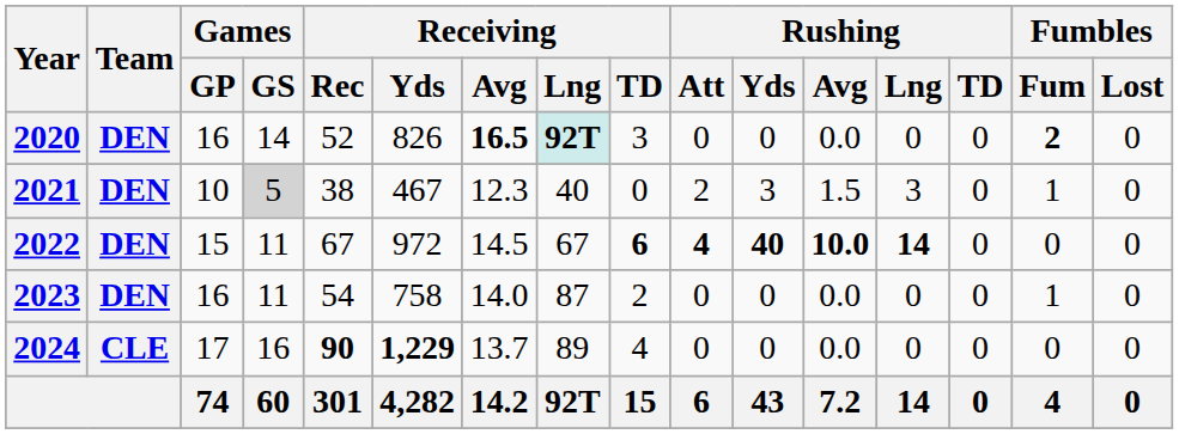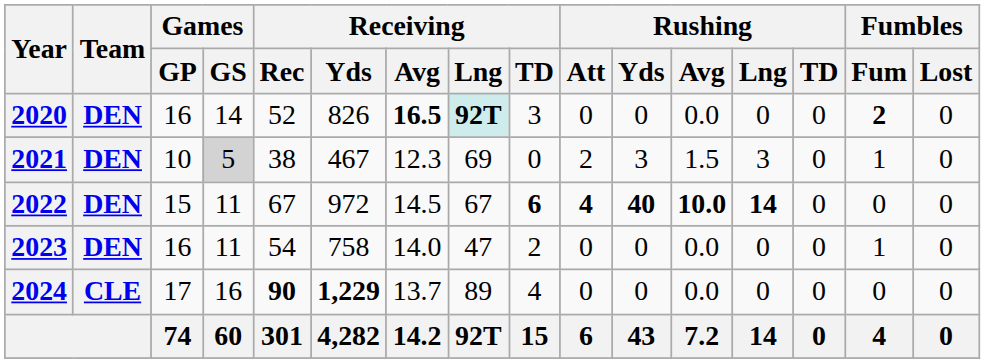 <table class="wikitable" style="text-align:center;">
 <tr>
 <th rowspan="2">Year</th>
 <th rowspan="2">Team</th>
 <th colspan="2">Games</th>
 <th colspan="5">Receiving</th>
 <th colspan="5">Rushing</th>
 <th colspan="2">Fumbles</th>
 </tr>
 <tr>
 <th>GP</th>
 <th>GS</th>
 <th>Rec</th>
 <th>Yds</th>
 <th>Avg</th>
 <th>Lng</th>
 <th>TD</th>
 <th>Att</th>
 <th>Yds</th>
 <th>Avg</th>
 <th>Lng</th>
 <th>TD</th>
 <th>Fum</th>
 <th>Lost</th>
 </tr>
 <tr>
 <th><a href='#'>2020</a></th>
 <th><a href='#'>DEN</a></th>
 <td>16</td>
 <td>14</td>
 <td>52</td>
 <td>826</td>
 <td><strong>16.5</strong></td>
 <td style="background:#cfecec;"><strong>92T</strong></td>
 <td>3</td>
 <td>0</td>
 <td>0</td>
 <td>0.0</td>
 <td>0</td>
 <td>0</td>
 <td><strong>2</strong></td>
 <td>0</td>
 </tr>
 <tr>
 <th><a href='#'>2021</a></th>
 <th><a href='#'>DEN</a></th>
 <td>10</td>
 <td style="background: lightgrey;">5</td>
 <td>38</td>
 <td>467</td>
 <td>12.3</td>
-<td>40</td>
+<td>69</td>
 <td>0</td>
 <td>2</td>
 <td>3</td>
 <td>1.5</td>
 <td>3</td>
 <td>0</td>
 <td>1</td>
 <td>0</td>
 </tr>
 <tr>
 <th><a href='#'>2022</a></th>
 <th><a href='#'>DEN</a></th>
 <td>15</td>
 <td>11</td>
 <td>67</td>
 <td>972</td>
 <td>14.5</td>
 <td>67</td>
 <td><strong>6</strong></td>
 <td><strong>4</strong></td>
 <td><strong>40</strong></td>
 <td><strong>10.0</strong></td>
 <td><strong>14</strong></td>
 <td>0</td>
 <td>0</td>
 <td>0</td>
 </tr>
 <tr>
 <th><a href='#'>2023</a></th>
 <th><a href='#'>DEN</a></th>
 <td>16</td>
 <td>11</td>
 <td>54</td>
 <td>758</td>
 <td>14.0</td>
-<td>87</td>
+<td>47</td>
 <td>2</td>
 <td>0</td>
 <td>0</td>
 <td>0.0</td>
 <td>0</td>
 <td>0</td>
 <td>1</td>
 <td>0</td>
 </tr>
 <tr>
 <th><a href='#'>2024</a></th>
 <th><a href='#'>CLE</a></th>
 <td>17</td>
 <td>16</td>
 <td><strong>90</strong></td>
 <td><strong>1,229</strong></td>
 <td>13.7</td>
 <td>89</td>
 <td>4</td>
 <td>0</td>
 <td>0</td>
 <td>0.0</td>
 <td>0</td>
 <td>0</td>
 <td>0</td>
 <td>0</td>
 </tr>
 <tr>
 <th colspan="2"></th>
 <th>74</th>
 <th>60</th>
 <th>301</th>
 <th>4,282</th>
 <th>14.2</th>
 <th>92T</th>
 <th>15</th>
 <th>6</th>
 <th>43</th>
 <th>7.2</th>
 <th>14</th>
 <th>0</th>
 <th>4</th>
 <th>0</th>
 </tr>
 </table>
